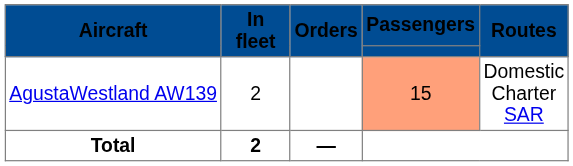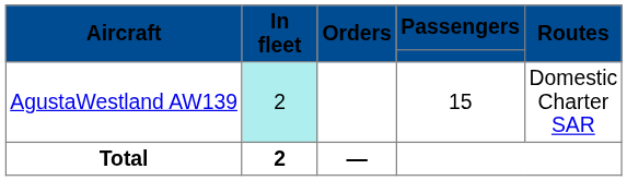 <table class="toccolours" border="1" cellpadding="3" style="border-collapse:collapse;text-align:center; margin:0.2em auto;">
 <tr style="background:#004C93;">
 <th rowspan=2><span>Aircraft</span></th>
 <th rowspan=2 style="width:50px;"><span>In fleet</span></th>
 <th rowspan=2 style="width:25px;"><span>Orders</span></th>
 <th colspan=1><span>Passengers</span></th>
 <th rowspan=2><span>Routes</span></th>
 </tr>
 <tr style="background:#004C93;">
 <th><span></span></th>
 </tr>
 <tr>
 <td><a href='#'>AgustaWestland AW139</a></td>
-<td>2</td>
+<td style="background: paleturquoise;">2</td>
 <td></td>
-<td style="background: lightsalmon;">15</td>
+<td>15</td>
 <td>Domestic <br> Charter <br> <a href='#'>SAR</a></td>
 </tr>
 <tr>
 <th>Total</th>
 <th>2</th>
 <th>—</th>
 <th colspan="4"></th>
 </tr>
 </table>
